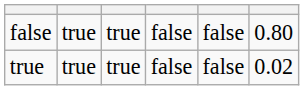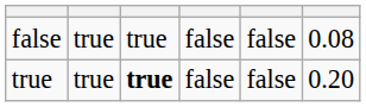 <table class="wikitable">
 <tr>
 <th></th>
 <th></th>
 <th></th>
 <th></th>
 <th></th>
 <th></th>
 </tr>
 <tr>
 <td>false</td>
 <td>true</td>
 <td>true</td>
 <td>false</td>
 <td>false</td>
-<td>0.80</td>
+<td>0.08</td>
 </tr>
 <tr>
 <td>true</td>
 <td>true</td>
-<td>true</td>
+<td><strong>true</strong></td>
 <td>false</td>
 <td>false</td>
-<td>0.02</td>
+<td>0.20</td>
 </tr>
 </table>
